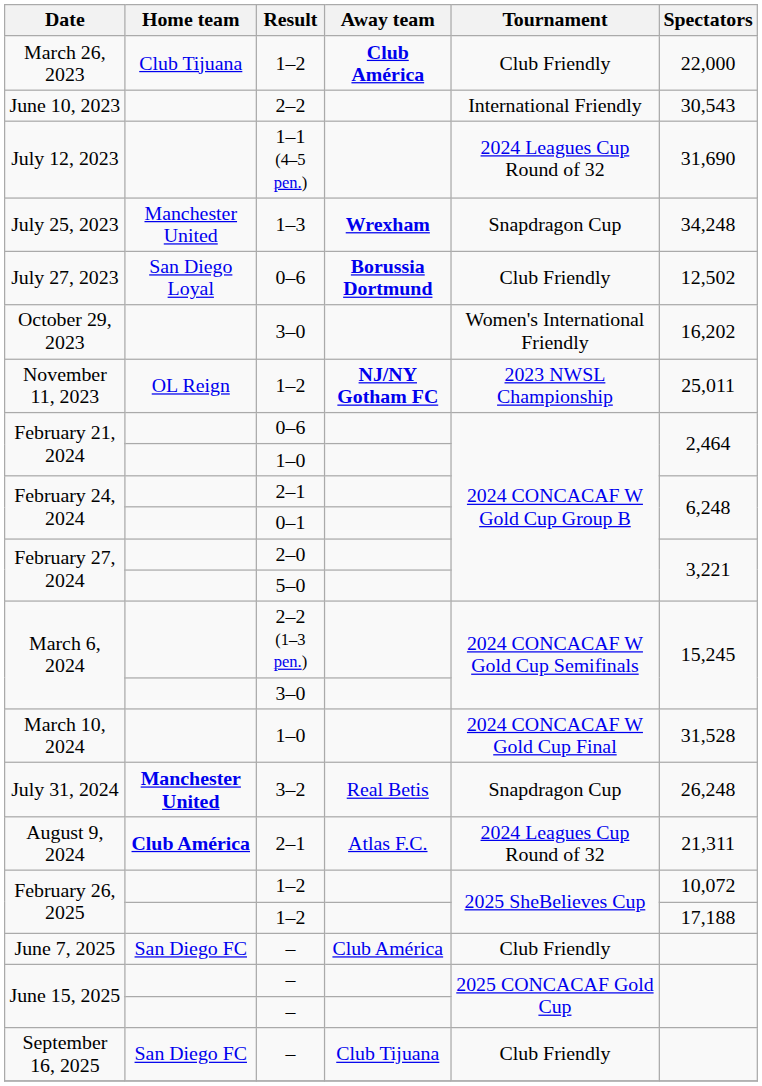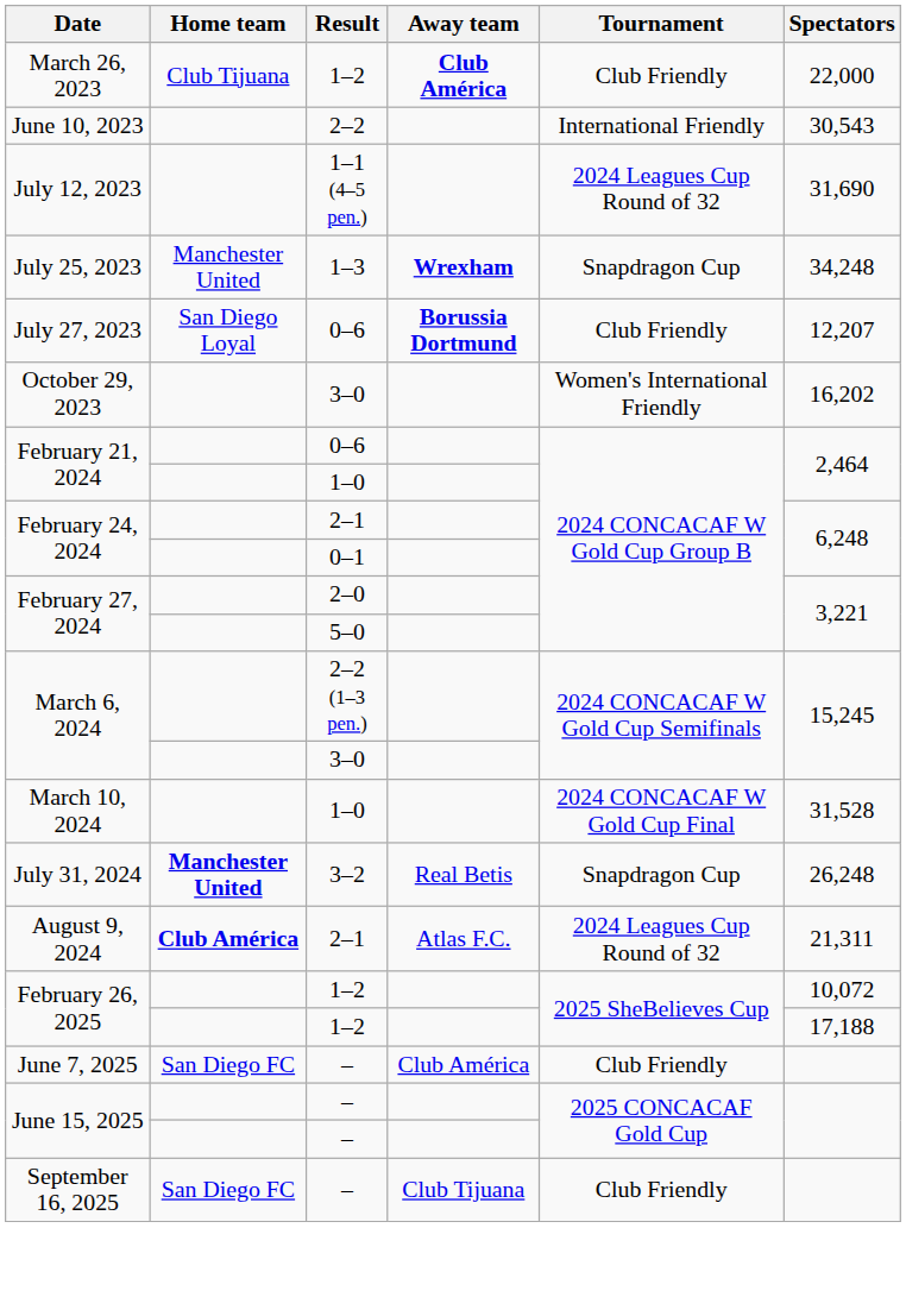 <table class="wikitable" style="text-align:center;">
 <tr>
 <th style="text-align:center;">Date</th>
 <th style="text-align:center;">Home team</th>
 <th style="text-align:center;">Result</th>
 <th style="text-align:center;">Away team</th>
 <th style="text-align:center;">Tournament</th>
 <th style="text-align:center;">Spectators</th>
 </tr>
 <tr>
 <td>March 26, 2023</td>
 <td><a href='#'>Club Tijuana</a> </td>
 <td>1–2</td>
 <td> <strong><a href='#'>Club América</a></strong></td>
 <td>Club Friendly</td>
 <td>22,000</td>
 </tr>
 <tr>
 <td>June 10, 2023</td>
 <td></td>
 <td>2–2</td>
 <td></td>
 <td>International Friendly</td>
 <td>30,543</td>
 </tr>
 <tr>
 <td>July 12, 2023</td>
 <td></td>
 <td>1–1<br> <small>(4–5 <a href='#'>pen.</a>)</small></td>
 <td><strong></strong></td>
 <td><a href='#'>2024 Leagues Cup</a> Round of 32</td>
 <td>31,690</td>
 </tr>
 <tr>
 <td>July 25, 2023</td>
 <td><a href='#'>Manchester United</a> </td>
 <td>1–3</td>
 <td> <strong><a href='#'>Wrexham</a></strong></td>
 <td>Snapdragon Cup</td>
 <td>34,248</td>
 </tr>
 <tr>
 <td>July 27, 2023</td>
 <td><a href='#'>San Diego Loyal</a> </td>
 <td>0–6</td>
 <td> <strong><a href='#'>Borussia Dortmund</a></strong></td>
 <td>Club Friendly</td>
-<td>12,502</td>
+<td>12,207</td>
 </tr>
 <tr>
 <td>October 29, 2023</td>
 <td><strong></strong></td>
 <td>3–0</td>
 <td></td>
 <td>Women's International Friendly</td>
 <td>16,202</td>
-</tr>
-<tr>
-<td>November 11, 2023</td>
-<td><a href='#'>OL Reign</a> </td>
-<td>1–2</td>
-<td><strong> <a href='#'>NJ/NY Gotham FC</a></strong></td>
-<td><a href='#'>2023 NWSL Championship</a></td>
-<td>25,011</td>
 </tr>
 <tr>
 <td rowspan="2">February 21, 2024</td>
 <td></td>
 <td>0–6</td>
 <td><strong></strong></td>
 <td rowspan="6"><a href='#'>2024 CONCACAF W Gold Cup Group B</a></td>
 <td rowspan="2">2,464</td>
 </tr>
 <tr>
 <td><strong></strong></td>
 <td>1–0</td>
 <td></td>
 </tr>
 <tr>
 <td rowspan="2">February 24, 2024</td>
 <td><strong></strong></td>
 <td>2–1</td>
 <td></td>
 <td rowspan="2">6,248</td>
 </tr>
 <tr>
 <td></td>
 <td>0–1</td>
 <td><strong></strong></td>
 </tr>
 <tr>
 <td rowspan="2">February 27, 2024</td>
 <td><strong></strong></td>
 <td>2–0</td>
 <td></td>
 <td rowspan="2">3,221</td>
 </tr>
 <tr>
 <td><strong></strong></td>
 <td>5–0</td>
 <td></td>
 </tr>
 <tr>
 <td rowspan="2">March 6, 2024</td>
 <td></td>
 <td>2–2<br> <small>(1–3 <a href='#'>pen.</a>)</small></td>
 <td><strong></strong></td>
 <td rowspan="2"><a href='#'>2024 CONCACAF W Gold Cup Semifinals</a></td>
 <td rowspan="2">15,245</td>
 </tr>
 <tr>
 <td><strong></strong></td>
 <td>3–0</td>
 <td></td>
 </tr>
 <tr>
 <td>March 10, 2024</td>
 <td><strong></strong></td>
 <td>1–0</td>
 <td></td>
 <td><a href='#'>2024 CONCACAF W Gold Cup Final</a></td>
 <td>31,528</td>
 </tr>
 <tr>
 <td>July 31, 2024</td>
 <td><strong><a href='#'>Manchester United</a> </strong></td>
 <td>3–2</td>
 <td> <a href='#'>Real Betis</a></td>
 <td>Snapdragon Cup</td>
 <td>26,248</td>
 </tr>
 <tr>
 <td>August 9, 2024</td>
 <td><strong><a href='#'>Club América</a> </strong></td>
 <td>2–1</td>
 <td> <a href='#'>Atlas F.C.</a></td>
 <td><a href='#'>2024 Leagues Cup</a> Round of 32</td>
 <td>21,311</td>
 </tr>
 <tr>
 <td rowspan="2">February 26, 2025</td>
 <td></td>
 <td>1–2</td>
 <td><strong></strong></td>
 <td rowspan="2"><a href='#'>2025 SheBelieves Cup</a></td>
 <td>10,072</td>
 </tr>
 <tr>
 <td></td>
 <td>1–2</td>
 <td><strong></strong></td>
 <td>17,188</td>
 </tr>
 <tr>
 <td>June 7, 2025</td>
 <td><a href='#'>San Diego FC</a> </td>
 <td>–</td>
 <td> <a href='#'>Club América</a></td>
 <td>Club Friendly</td>
 <td></td>
 </tr>
 <tr>
 <td rowspan="2">June 15, 2025</td>
 <td></td>
 <td>–</td>
 <td></td>
 <td rowspan="2"><a href='#'>2025 CONCACAF Gold Cup</a></td>
 <td rowspan="2"></td>
 </tr>
 <tr>
 <td></td>
 <td>–</td>
 <td></td>
 </tr>
 <tr>
 <td>September 16, 2025</td>
 <td><a href='#'>San Diego FC</a> </td>
 <td>–</td>
 <td> <a href='#'>Club Tijuana</a></td>
 <td>Club Friendly</td>
 <td></td>
 </tr>
 <tr>
 </tr>
 </table>
